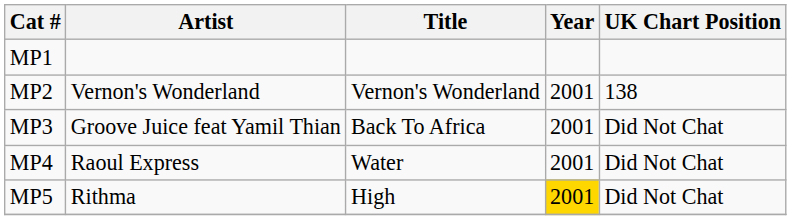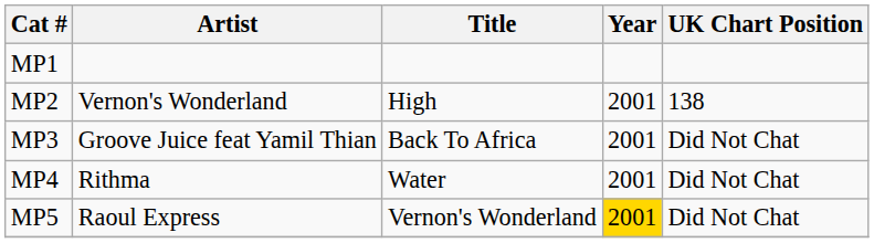 <table class="wikitable">
 <tr>
 <th>Cat #</th>
 <th>Artist</th>
 <th>Title</th>
 <th>Year</th>
 <th>UK Chart Position</th>
 </tr>
 <tr>
 <td>MP1</td>
 <td></td>
 <td></td>
 <td></td>
 <td></td>
 </tr>
 <tr>
 <td>MP2</td>
 <td>Vernon's Wonderland</td>
-<td>Vernon's Wonderland</td>
+<td>High</td>
 <td>2001</td>
 <td>138</td>
 </tr>
 <tr>
 <td>MP3</td>
 <td>Groove Juice feat Yamil Thian</td>
 <td>Back To Africa</td>
 <td>2001</td>
 <td>Did Not Chat</td>
 </tr>
 <tr>
 <td>MP4</td>
-<td>Raoul Express</td>
+<td>Rithma</td>
 <td>Water</td>
 <td>2001</td>
 <td>Did Not Chat</td>
 </tr>
 <tr>
 <td>MP5</td>
-<td>Rithma</td>
-<td>High</td>
+<td>Raoul Express</td>
+<td>Vernon's Wonderland</td>
 <td style="background: gold;">2001</td>
 <td>Did Not Chat</td>
 </tr>
 <tr>
 </tr>
 </table>
